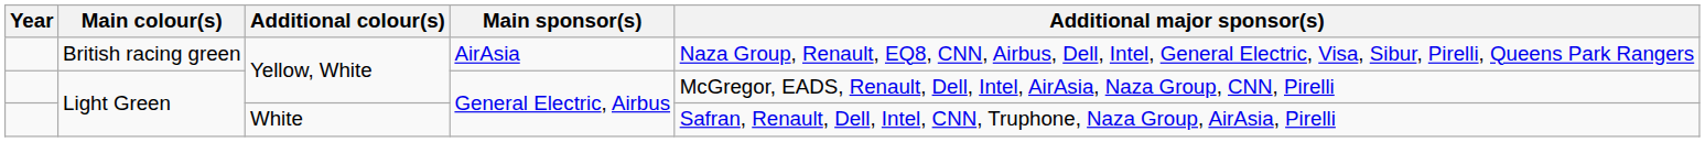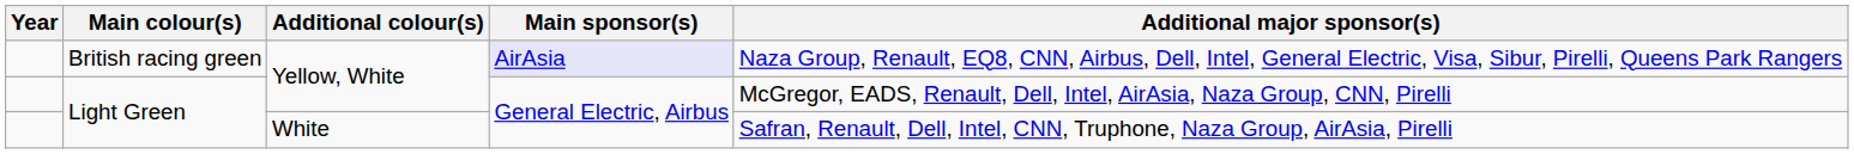 <table class="wikitable">
 <tr>
 <th>Year</th>
 <th>Main colour(s)</th>
 <th>Additional colour(s)</th>
 <th>Main sponsor(s)</th>
 <th>Additional major sponsor(s)</th>
 </tr>
 <tr>
 <td></td>
 <td>British racing green</td>
 <td rowspan=2>Yellow, White</td>
-<td><a href='#'>AirAsia</a></td>
+<td style="background: lavender;"><a href='#'>AirAsia</a></td>
 <td><a href='#'>Naza Group</a>, <a href='#'>Renault</a>, <a href='#'>EQ8</a>, <a href='#'>CNN</a>, <a href='#'>Airbus</a>, <a href='#'>Dell</a>, <a href='#'>Intel</a>, <a href='#'>General Electric</a>, <a href='#'>Visa</a>, <a href='#'>Sibur</a>, <a href='#'>Pirelli</a>, <a href='#'>Queens Park Rangers</a></td>
 </tr>
 <tr>
 <td></td>
 <td rowspan=2>Light Green</td>
 <td rowspan=2><a href='#'>General Electric</a>, <a href='#'>Airbus</a></td>
 <td>McGregor, EADS, <a href='#'>Renault</a>, <a href='#'>Dell</a>, <a href='#'>Intel</a>, <a href='#'>AirAsia</a>, <a href='#'>Naza Group</a>, <a href='#'>CNN</a>, <a href='#'>Pirelli</a></td>
 </tr>
 <tr>
 <td></td>
 <td>White</td>
 <td><a href='#'>Safran</a>, <a href='#'>Renault</a>, <a href='#'>Dell</a>, <a href='#'>Intel</a>, <a href='#'>CNN</a>, Truphone, <a href='#'>Naza Group</a>, <a href='#'>AirAsia</a>, <a href='#'>Pirelli</a></td>
 </tr>
 </table>
